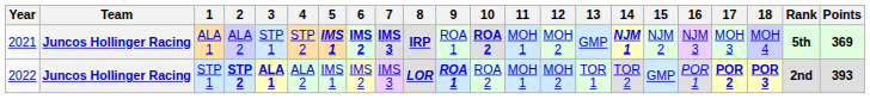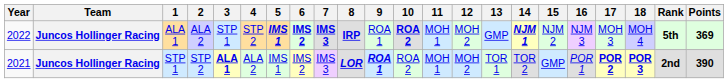 <table class="wikitable" style="text-align:center; font-size:85%">
 <tr>
 <th>Year</th>
 <th>Team</th>
 <th>1</th>
 <th>2</th>
 <th>3</th>
 <th>4</th>
 <th>5</th>
 <th>6</th>
 <th>7</th>
 <th>8</th>
 <th>9</th>
 <th>10</th>
 <th>11</th>
 <th>12</th>
 <th>13</th>
 <th>14</th>
 <th>15</th>
 <th>16</th>
 <th>17</th>
 <th>18</th>
 <th>Rank</th>
 <th>Points</th>
 </tr>
 <tr>
-<td><a href='#'>2021</a></td>
+<td><a href='#'>2022</a></td>
 <th nowrap><a href='#'>Juncos Hollinger Racing</a></th>
 <td style="background:#FFDF9F;"><a href='#'>ALA<br>1</a><br></td>
 <td style="background:#CFCFFF;"><a href='#'>ALA<br>2</a><br></td>
 <td style="background:#CFEAFF;"><a href='#'>STP<br>1</a><br></td>
 <td style="background:#FFDF9F;"><a href='#'>STP<br>2</a><br></td>
 <td style="background:#FFDF9F;"><strong><em><a href='#'>IMS<br>1</a></em></strong><br></td>
 <td style="background:#DFFFDF;"><strong><a href='#'>IMS<br>2</a></strong><br></td>
 <td style="background:#DFDFDF;"><strong><a href='#'>IMS<br>3</a></strong><br></td>
 <td style="background:#DFDFDF;"><strong><a href='#'>IRP</a></strong><br></td>
 <td style="background:#DFFFDF;"><a href='#'>ROA<br>1</a><br></td>
 <td style="background:#DFDFDF;"><strong><a href='#'>ROA<br>2</a><br></strong></td>
 <td style="background:#CFEAFF;"><a href='#'>MOH<br>1</a><br></td>
 <td style="background:#DFFFDF;"><a href='#'>MOH<br>2</a><br></td>
 <td style="background:#CFEAFF;"><a href='#'>GMP</a><br></td>
 <td style="background:#FFFFBF;"><a href='#'><strong><em>NJM<br>1</em></strong></a><br></td>
 <td style="background:#DFFFDF;"><a href='#'>NJM<br>2</a><br></td>
 <td style="background:#EFCFFF;"><a href='#'>NJM<br>3</a><br></td>
 <td style="background:#DFFFDF;"><a href='#'>MOH<br>3</a><br></td>
 <td style="background:#CFCFFF;"><a href='#'>MOH<br>4</a><br></td>
 <th style="background:#DFFFDF;">5th</th>
 <th style="background:#DFFFDF;">369</th>
 </tr>
 <tr>
-<td><a href='#'>2022</a></td>
+<td><a href='#'>2021</a></td>
 <th nowrap><a href='#'>Juncos Hollinger Racing</a></th>
 <td style="background:#CFEAFF;"><a href='#'>STP<br>1</a><br></td>
-<td style="background:#CFEAFF;"><strong><a href='#'>STP<br>2</a><br></strong></td>
+<td style="background:#CFEAFF;"><a href='#'>STP<br>2</a><br></td>
 <td style="background:#FFFFBF;"><strong><a href='#'>ALA<br>1</a></strong><br></td>
 <td style="background:#DFFFDF;"><a href='#'>ALA<br>2</a><br></td>
 <td style="background:#DFFFDF;"><a href='#'>IMS<br>1</a><br></td>
 <td style="background:#FFFFBF;"><a href='#'>IMS<br>2</a><br></td>
 <td style="background:#EFCFFF;"><a href='#'>IMS<br>3</a><br></td>
 <td style="background:#DFDFDF;"><strong><em><a href='#'>LOR</a></em></strong><br></td>
 <td style="background:#CFEAFF;"><strong><em><a href='#'>ROA<br>1</a></em></strong><br></td>
 <td style="background:#DFFFDF;"><a href='#'>ROA<br>2</a><br></td>
 <td style="background:#CFEAFF;"><a href='#'>MOH<br>1</a><br></td>
 <td style="background:#CFEAFF;"><a href='#'>MOH<br>2</a><br></td>
 <td style="background:#DFFFDF;"><a href='#'>TOR<br>1</a><br></td>
 <td style="background:#DFDFDF;"><a href='#'>TOR<br>2</a><br></td>
 <td style="background:#CFEAFF;"><a href='#'>GMP</a><br></td>
 <td style="background:#DFDFDF;"><em><a href='#'>POR<br>1</a></em><br></td>
 <td style="background:#FFFFBF;"><strong><a href='#'>POR<br>2</a></strong><br></td>
 <td style="background:#FFFFBF;"><strong><a href='#'>POR<br>3</a></strong><br></td>
 <th style="background:#DFDFDF;">2nd</th>
-<th style="background:#DFDFDF;">393</th>
+<th style="background:#DFDFDF;">390</th>
 </tr>
 </table>
